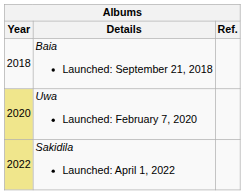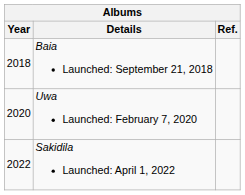 <table class="wikitable">
 <tr>
 <th colspan="3">Albums</th>
 </tr>
 <tr>
 <th>Year</th>
 <th>Details</th>
 <th>Ref.</th>
 </tr>
 <tr>
 <td>2018</td>
 <td><em>Baia</em><br><ul><li>Launched: September 21, 2018</li></ul></td>
 <td></td>
 </tr>
 <tr>
-<td style="background: khaki;">2020</td>
+<td>2020</td>
 <td><em>Uwa</em><br><ul><li>Launched: February 7, 2020</li></ul></td>
 <td></td>
 </tr>
 <tr>
-<td style="background: khaki;">2022</td>
+<td>2022</td>
 <td><em>Sakidila</em><br><ul><li>Launched: April 1, 2022</li></ul></td>
 <td></td>
 </tr>
 </table>
